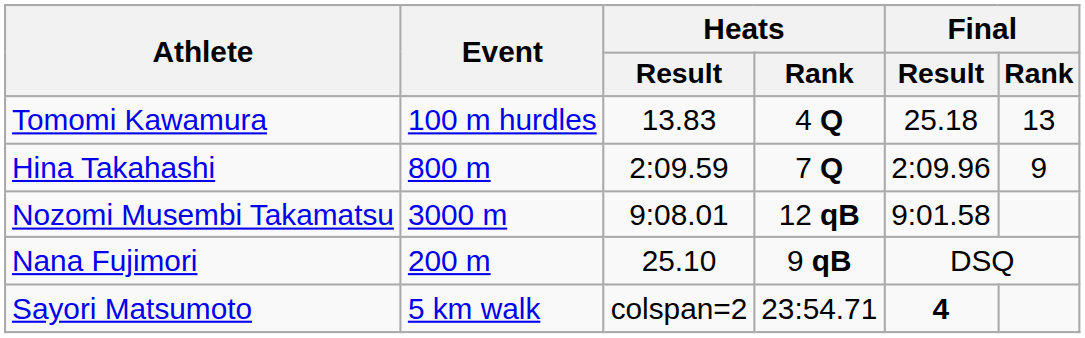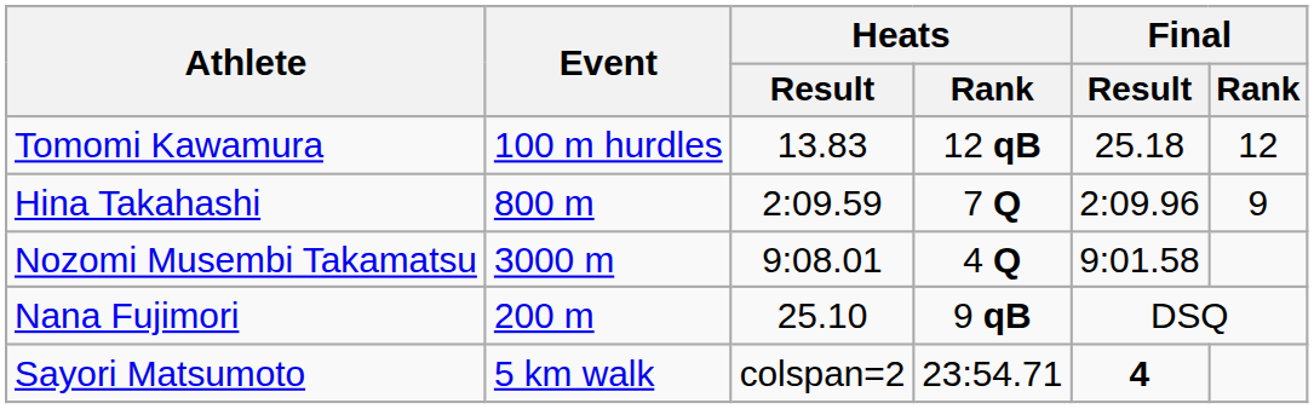 <table class="wikitable" style="font-size:90%">
 <tr>
 <th rowspan=2>Athlete</th>
 <th rowspan=2>Event</th>
 <th colspan=2>Heats</th>
 <th colspan=2>Final</th>
 </tr>
 <tr style="font-size:95%">
 <th>Result</th>
 <th>Rank</th>
 <th>Result</th>
 <th>Rank</th>
 </tr>
 <tr align=center>
 <td align=left><a href='#'>Tomomi Kawamura</a></td>
 <td align=left><a href='#'>100 m hurdles</a></td>
 <td>13.83</td>
-<td>4 <strong>Q</strong></td>
+<td>12 <strong>qB</strong></td>
 <td>25.18</td>
-<td>13</td>
+<td>12</td>
 </tr>
 <tr align=center>
 <td align=left><a href='#'>Hina Takahashi</a></td>
 <td align=left><a href='#'>800 m</a></td>
 <td>2:09.59</td>
 <td>7 <strong>Q</strong></td>
 <td>2:09.96</td>
 <td>9</td>
 </tr>
 <tr align=center>
 <td align=left><a href='#'>Nozomi Musembi Takamatsu</a></td>
 <td align=left><a href='#'>3000 m</a></td>
 <td>9:08.01</td>
-<td>12 <strong>qB</strong></td>
+<td>4 <strong>Q</strong></td>
 <td>9:01.58</td>
 <td></td>
 </tr>
 <tr align=center>
 <td align=left><a href='#'>Nana Fujimori</a></td>
 <td align=left><a href='#'>200 m</a></td>
 <td>25.10</td>
 <td>9 <strong>qB</strong></td>
 <td colspan=2>DSQ</td>
 </tr>
 <tr align=center>
 <td align=left><a href='#'>Sayori Matsumoto</a></td>
 <td align=left><a href='#'>5 km walk</a></td>
 <td>colspan=2 </td>
 <td>23:54.71</td>
 <td><strong>4</strong></td>
 </tr>
 </table>
